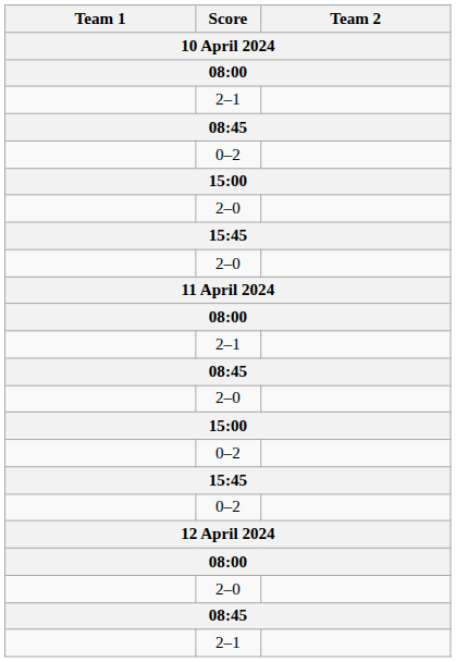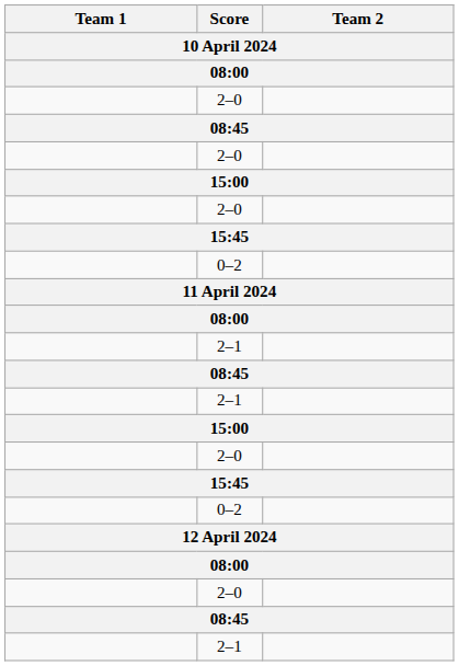 <table class="wikitable" style="text-align: center; font-size:90% ">
 <tr>
 <th align="right" width="160">Team 1</th>
 <th width="50">Score</th>
 <th align="left" width="160">Team 2</th>
 </tr>
 <tr>
 <th colspan=3>10 April 2024</th>
 </tr>
 <tr>
 <th colspan=3>08:00</th>
 </tr>
 <tr>
 <td align=right></td>
-<td align=center>2–1</td>
+<td align=center>2–0</td>
 <td align=left></td>
 </tr>
 <tr>
 <th colspan=3>08:45</th>
 </tr>
 <tr>
 <td align=right></td>
-<td align=center>0–2</td>
+<td align=center>2–0</td>
 <td align=left></td>
 </tr>
 <tr>
 <th colspan=3>15:00</th>
 </tr>
 <tr>
 <td align=right></td>
 <td align=center>2–0</td>
 <td align=left></td>
 </tr>
 <tr>
 <th colspan=3>15:45</th>
 </tr>
 <tr>
 <td align=right></td>
-<td align=center>2–0</td>
+<td align=center>0–2</td>
 <td align=left></td>
 </tr>
 <tr>
 <th colspan=3>11 April 2024</th>
 </tr>
 <tr>
 <th colspan=3>08:00</th>
 </tr>
 <tr>
 <td align=right></td>
 <td align=center>2–1</td>
 <td align=left></td>
 </tr>
 <tr>
 <th colspan=3>08:45</th>
 </tr>
 <tr>
 <td align=right></td>
-<td align=center>2–0</td>
+<td align=center>2–1</td>
 <td align=left></td>
 </tr>
 <tr>
 <th colspan=3>15:00</th>
 </tr>
 <tr>
 <td align=right></td>
-<td align=center>0–2</td>
+<td align=center>2–0</td>
 <td align=left></td>
 </tr>
 <tr>
 <th colspan=3>15:45</th>
 </tr>
 <tr>
 <td align=right></td>
 <td align=center>0–2</td>
 <td align=left></td>
 </tr>
 <tr>
 <th colspan=3>12 April 2024</th>
 </tr>
 <tr>
 <th colspan=3>08:00</th>
 </tr>
 <tr>
 <td align=right></td>
 <td align=center>2–0</td>
 <td align=left></td>
 </tr>
 <tr>
 <th colspan=3>08:45</th>
 </tr>
 <tr>
 <td align=right></td>
 <td align=center>2–1</td>
 <td align=left></td>
 </tr>
 </table>
